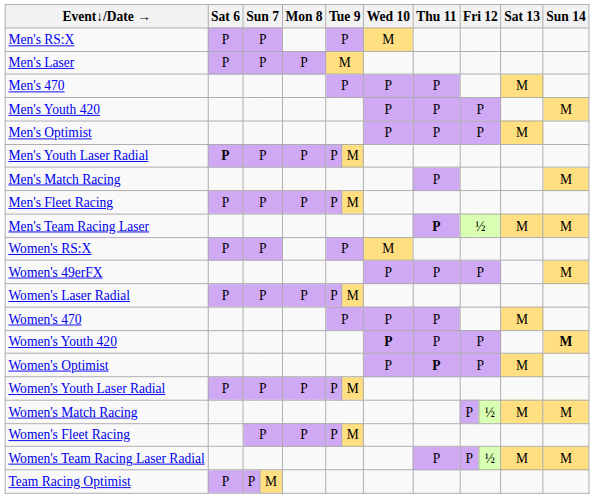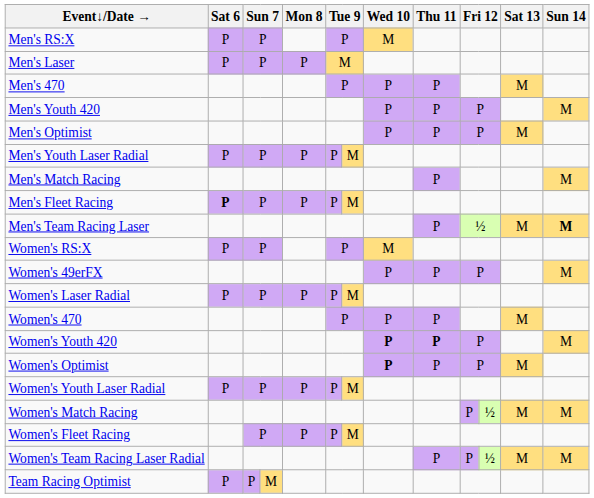 <table class="wikitable" style="text-align:center; margin:0.5em auto; font-size:90%; line-height:1.25em;">
 <tr>
 <th>Event↓/Date →</th>
 <th>Sat 6</th>
 <th colspan="2">Sun 7</th>
 <th>Mon 8</th>
 <th colspan="2">Tue 9</th>
 <th>Wed 10</th>
 <th>Thu 11</th>
 <th colspan="2">Fri 12</th>
 <th>Sat 13</th>
 <th>Sun 14</th>
 </tr>
 <tr>
 <td style="text-align:left;"><a href='#'>Men's RS:X</a></td>
 <td style="background-color:#D0A9F5;">P</td>
 <td colspan="2" style="background-color:#D0A9F5;">P</td>
 <td></td>
 <td colspan="2" style="background-color:#D0A9F5;">P</td>
 <td style="background-color:#FFDF80;">M</td>
 <td></td>
 <td colspan="2"></td>
 <td></td>
 <td></td>
 </tr>
 <tr>
 <td style="text-align:left;"><a href='#'>Men's Laser</a></td>
 <td style="background-color:#D0A9F5;">P</td>
 <td colspan="2" style="background-color:#D0A9F5;">P</td>
 <td style="background-color:#D0A9F5;">P</td>
 <td colspan="2" style="background-color:#FFDF80;">M</td>
 <td></td>
 <td></td>
 <td colspan="2"></td>
 <td></td>
 <td></td>
 </tr>
 <tr>
 <td style="text-align:left;"><a href='#'>Men's 470</a></td>
 <td></td>
 <td colspan="2"></td>
 <td></td>
 <td colspan="2" style="background-color:#D0A9F5;">P</td>
 <td style="background-color:#D0A9F5;">P</td>
 <td style="background-color:#D0A9F5;">P</td>
 <td colspan="2"></td>
 <td style="background-color:#FFDF80;">M</td>
 <td></td>
 </tr>
 <tr>
 <td style="text-align:left;"><a href='#'>Men's Youth 420</a></td>
 <td></td>
 <td colspan="2"></td>
 <td></td>
 <td colspan="2"></td>
 <td style="background-color:#D0A9F5;">P</td>
 <td style="background-color:#D0A9F5;">P</td>
 <td colspan="2" style="background-color:#D0A9F5;">P</td>
 <td></td>
 <td style="background-color:#FFDF80;">M</td>
 </tr>
 <tr>
 <td style="text-align:left;"><a href='#'>Men's Optimist</a></td>
 <td></td>
 <td colspan="2"></td>
 <td></td>
 <td colspan="2"></td>
 <td style="background-color:#D0A9F5;">P</td>
 <td style="background-color:#D0A9F5;">P</td>
 <td colspan="2" style="background-color:#D0A9F5;">P</td>
 <td style="background-color:#FFDF80;">M</td>
 <td></td>
 </tr>
 <tr>
 <td style="text-align:left;"><a href='#'>Men's Youth Laser Radial</a></td>
-<td style="background-color:#D0A9F5;"><strong>P</strong></td>
+<td style="background-color:#D0A9F5;">P</td>
 <td colspan="2" style="background-color:#D0A9F5;">P</td>
 <td style="background-color:#D0A9F5;">P</td>
 <td style="background-color:#D0A9F5;">P</td>
 <td style="background-color:#FFDF80;">M</td>
 <td></td>
 <td></td>
 <td colspan="2"></td>
 <td></td>
 <td></td>
 </tr>
 <tr>
 <td style="text-align:left;"><a href='#'>Men's Match Racing</a></td>
 <td></td>
 <td colspan="2"></td>
 <td></td>
 <td colspan="2"></td>
 <td></td>
 <td style="background-color:#D0A9F5;">P</td>
 <td colspan="2"></td>
 <td></td>
 <td style="background-color:#FFDF80;">M</td>
 </tr>
 <tr>
 <td style="text-align:left;"><a href='#'>Men's Fleet Racing</a></td>
-<td style="background-color:#D0A9F5;">P</td>
+<td style="background-color:#D0A9F5;"><strong>P</strong></td>
 <td colspan="2" style="background-color:#D0A9F5;">P</td>
 <td style="background-color:#D0A9F5;">P</td>
 <td style="background-color:#D0A9F5;">P</td>
 <td style="background-color:#FFDF80;">M</td>
 <td></td>
 <td></td>
 <td colspan="2"></td>
 <td></td>
 <td></td>
 </tr>
 <tr>
 <td style="text-align:left;"><a href='#'>Men's Team Racing Laser</a></td>
 <td></td>
 <td colspan="2"></td>
 <td></td>
 <td colspan="2"></td>
 <td></td>
-<td style="background-color:#D0A9F5;"><strong>P</strong></td>
+<td style="background-color:#D0A9F5;">P</td>
 <td colspan="2" style="background-color:#D9FFB2;">½</td>
 <td style="background-color:#FFDF80;">M</td>
-<td style="background-color:#FFDF80;">M</td>
+<td style="background-color:#FFDF80;"><strong>M</strong></td>
 </tr>
 <tr>
 <td style="text-align:left;"><a href='#'>Women's RS:X</a></td>
 <td style="background-color:#D0A9F5;">P</td>
 <td colspan="2" style="background-color:#D0A9F5;">P</td>
 <td></td>
 <td colspan="2" style="background-color:#D0A9F5;">P</td>
 <td style="background-color:#FFDF80;">M</td>
 <td></td>
 <td colspan="2"></td>
 <td></td>
 <td></td>
 </tr>
 <tr>
 <td style="text-align:left;"><a href='#'>Women's 49erFX</a></td>
 <td></td>
 <td colspan="2"></td>
 <td></td>
 <td colspan="2"></td>
 <td style="background-color:#D0A9F5;">P</td>
 <td style="background-color:#D0A9F5;">P</td>
 <td colspan="2" style="background-color:#D0A9F5;">P</td>
 <td></td>
 <td style="background-color:#FFDF80;">M</td>
 </tr>
 <tr>
 <td style="text-align:left;"><a href='#'>Women's Laser Radial</a></td>
 <td style="background-color:#D0A9F5;">P</td>
 <td colspan="2" style="background-color:#D0A9F5;">P</td>
 <td style="background-color:#D0A9F5;">P</td>
 <td style="background-color:#D0A9F5;">P</td>
 <td style="background-color:#FFDF80;">M</td>
 <td></td>
 <td></td>
 <td colspan="2"></td>
 <td></td>
 <td></td>
 </tr>
 <tr>
 <td style="text-align:left;"><a href='#'>Women's 470</a></td>
 <td></td>
 <td colspan="2"></td>
 <td></td>
 <td colspan="2" style="background-color:#D0A9F5;">P</td>
 <td style="background-color:#D0A9F5;">P</td>
 <td style="background-color:#D0A9F5;">P</td>
 <td colspan="2"></td>
 <td style="background-color:#FFDF80;">M</td>
 <td></td>
 </tr>
 <tr>
 <td style="text-align:left;"><a href='#'>Women's Youth 420</a></td>
 <td></td>
 <td colspan="2"></td>
 <td></td>
 <td colspan="2"></td>
 <td style="background-color:#D0A9F5;"><strong>P</strong></td>
-<td style="background-color:#D0A9F5;">P</td>
+<td style="background-color:#D0A9F5;"><strong>P</strong></td>
 <td colspan="2" style="background-color:#D0A9F5;">P</td>
 <td></td>
-<td style="background-color:#FFDF80;"><strong>M</strong></td>
+<td style="background-color:#FFDF80;">M</td>
 </tr>
 <tr>
 <td style="text-align:left;"><a href='#'>Women's Optimist</a></td>
 <td></td>
 <td colspan="2"></td>
 <td></td>
 <td colspan="2"></td>
+<td style="background-color:#D0A9F5;"><strong>P</strong></td>
 <td style="background-color:#D0A9F5;">P</td>
-<td style="background-color:#D0A9F5;"><strong>P</strong></td>
 <td colspan="2" style="background-color:#D0A9F5;">P</td>
 <td style="background-color:#FFDF80;">M</td>
 <td></td>
 </tr>
 <tr>
 <td style="text-align:left;"><a href='#'>Women's Youth Laser Radial</a></td>
 <td style="background-color:#D0A9F5;">P</td>
 <td colspan="2" style="background-color:#D0A9F5;">P</td>
 <td style="background-color:#D0A9F5;">P</td>
 <td style="background-color:#D0A9F5;">P</td>
 <td style="background-color:#FFDF80;">M</td>
 <td></td>
 <td></td>
 <td colspan="2"></td>
 <td></td>
 <td></td>
 </tr>
 <tr>
 <td style="text-align:left;"><a href='#'>Women's Match Racing</a></td>
 <td></td>
 <td colspan="2"></td>
 <td></td>
 <td colspan="2"></td>
 <td></td>
 <td></td>
 <td style="background-color:#D0A9F5;">P</td>
 <td style="background-color:#D9FFB2;">½</td>
 <td style="background-color:#FFDF80;">M</td>
 <td style="background-color:#FFDF80;">M</td>
 </tr>
 <tr>
 <td style="text-align:left;"><a href='#'>Women's Fleet Racing</a></td>
 <td></td>
 <td colspan="2" style="background-color:#D0A9F5;">P</td>
 <td style="background-color:#D0A9F5;">P</td>
 <td style="background-color:#D0A9F5;">P</td>
 <td style="background-color:#FFDF80;">M</td>
 <td></td>
 <td></td>
 <td colspan="2"></td>
 <td></td>
 <td></td>
 </tr>
 <tr>
 <td style="text-align:left;"><a href='#'>Women's Team Racing Laser Radial</a></td>
 <td></td>
 <td colspan="2"></td>
 <td></td>
 <td colspan="2"></td>
 <td></td>
 <td style="background-color:#D0A9F5;">P</td>
 <td style="background-color:#D0A9F5;">P</td>
 <td style="background-color:#D9FFB2;">½</td>
 <td style="background-color:#FFDF80;">M</td>
 <td style="background-color:#FFDF80;">M</td>
 </tr>
 <tr>
 <td style="text-align:left;"><a href='#'>Team Racing Optimist</a></td>
 <td style="background-color:#D0A9F5;">P</td>
 <td style="background-color:#D0A9F5;">P</td>
 <td style="background-color:#FFDF80;">M</td>
 <td></td>
 <td colspan="2"></td>
 <td></td>
 <td></td>
 <td colspan="2"></td>
 <td></td>
 <td></td>
 </tr>
 </table>
